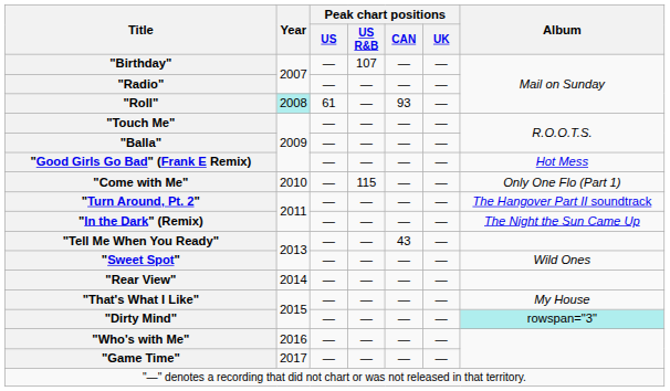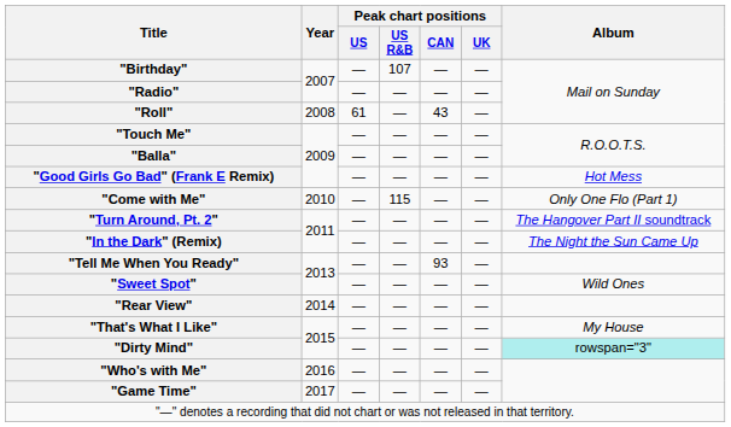 <table class="wikitable plainrowheaders" style="text-align:center;" border="1">
 <tr>
 <th scope="col" rowspan="2" style="width:21.5em;">Title</th>
 <th scope="col" rowspan="2">Year</th>
 <th scope="col" colspan="4">Peak chart positions</th>
 <th scope="col" rowspan="2" style="width:16em;">Album</th>
 </tr>
 <tr>
 <th scope="col" style="width:2.9em;font-size:90%;"><a href='#'>US</a><br></th>
 <th scope="col" style="width:2.9em;font-size:90%;"><a href='#'>US<br>R&B</a><br></th>
 <th scope="col" style="width:2.9em;font-size:90%;"><a href='#'>CAN</a><br></th>
 <th scope="col" style="width:2.9em;font-size:90%;"><a href='#'>UK</a><br></th>
 </tr>
 <tr>
 <th scope="row">"Birthday"</th>
 <td rowspan="2">2007</td>
 <td>—</td>
 <td>107</td>
 <td>—</td>
 <td>—</td>
 <td rowspan="3"><em>Mail on Sunday</em></td>
 </tr>
 <tr>
 <th scope="row">"Radio"</th>
 <td>—</td>
 <td>—</td>
 <td>—</td>
 <td>—</td>
 </tr>
 <tr>
 <th scope="row">"Roll"<br></th>
-<td style="background: paleturquoise;">2008</td>
+<td>2008</td>
 <td>61</td>
 <td>—</td>
-<td>93</td>
+<td>43</td>
 <td>—</td>
 </tr>
 <tr>
 <th scope="row">"Touch Me"</th>
 <td rowspan="3">2009</td>
 <td>—</td>
 <td>—</td>
 <td>—</td>
 <td>—</td>
 <td rowspan="2"><em>R.O.O.T.S.</em></td>
 </tr>
 <tr>
 <th scope="row">"Balla"<br></th>
 <td>—</td>
 <td>—</td>
 <td>—</td>
 <td>—</td>
 </tr>
 <tr>
 <th scope="row">"<a href='#'>Good Girls Go Bad</a>" (<a href='#'>Frank E</a> Remix)<br></th>
 <td>—</td>
 <td>—</td>
 <td>—</td>
 <td>—</td>
 <td><em><a href='#'>Hot Mess</a></em></td>
 </tr>
 <tr>
 <th scope="row">"Come with Me"</th>
 <td>2010</td>
 <td>—</td>
 <td>115</td>
 <td>—</td>
 <td>—</td>
 <td><em>Only One Flo (Part 1)</em></td>
 </tr>
 <tr>
 <th scope="row">"<a href='#'>Turn Around, Pt. 2</a>"<br></th>
 <td rowspan="2">2011</td>
 <td>—</td>
 <td>—</td>
 <td>—</td>
 <td>—</td>
 <td><a href='#'><em>The Hangover Part II</em> soundtrack</a></td>
 </tr>
 <tr>
 <th scope="row">"<a href='#'>In the Dark</a>" (Remix)<br></th>
 <td>—</td>
 <td>—</td>
 <td>—</td>
 <td>—</td>
 <td><em><a href='#'>The Night the Sun Came Up</a></em></td>
 </tr>
 <tr>
 <th scope="row">"Tell Me When You Ready"<br></th>
 <td rowspan="2">2013</td>
 <td>—</td>
 <td>—</td>
-<td>43</td>
+<td>93</td>
 <td>—</td>
 <td></td>
 </tr>
 <tr>
 <th scope="row">"<a href='#'>Sweet Spot</a>"<br></th>
 <td>—</td>
 <td>—</td>
 <td>—</td>
 <td>—</td>
 <td><em>Wild Ones</em></td>
 </tr>
 <tr>
 <th scope="row">"Rear View"<br></th>
 <td>2014</td>
 <td>—</td>
 <td>—</td>
 <td>—</td>
 <td>—</td>
 <td></td>
 </tr>
 <tr>
 <th scope="row">"That's What I Like"<br></th>
 <td rowspan="2">2015</td>
 <td>—</td>
 <td>—</td>
 <td>—</td>
 <td>—</td>
 <td><em>My House</em></td>
 </tr>
 <tr>
 <th scope="row">"Dirty Mind"<br></th>
 <td>—</td>
 <td>—</td>
 <td>—</td>
 <td>—</td>
 <td style="background: paleturquoise;">rowspan="3" </td>
 </tr>
 <tr>
 <th scope="row">"Who's with Me"</th>
 <td>2016</td>
 <td>—</td>
 <td>—</td>
 <td>—</td>
 <td>—</td>
 </tr>
 <tr>
 <th scope="row">"Game Time"<br></th>
 <td>2017</td>
 <td>—</td>
 <td>—</td>
 <td>—</td>
 <td>—</td>
 </tr>
 <tr>
 <td colspan="7" style="font-size:90%">"—" denotes a recording that did not chart or was not released in that territory.</td>
 </tr>
 </table>
